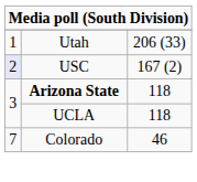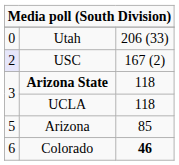 <table class="wikitable" style="display: inline-table;">
 <tr>
 <td align="center" Colspan="3"><strong>Media poll (South Division)</strong></td>
 </tr>
 <tr align="center">
 </tr>
 <tr align="center">
-<td>1</td>
+<td>0</td>
 <td>Utah</td>
 <td>206 (33)</td>
 </tr>
 <tr align="center">
 <td style="background: lavender;">2</td>
 <td>USC</td>
 <td>167 (2)</td>
 </tr>
 <tr align="center">
 <td rowspan="2">3</td>
 <td><strong>Arizona State</strong></td>
 <td>118</td>
 </tr>
 <tr align="center">
 <td>UCLA</td>
 <td>118</td>
 </tr>
 <tr align="center">
-<td>7</td>
+<td>5</td>
+<td>Arizona</td>
+<td>85</td>
+</tr>
+<tr align="center">
+<td>6</td>
 <td>Colorado</td>
-<td>46</td>
+<td><strong>46</strong></td>
 </tr>
 </table>
